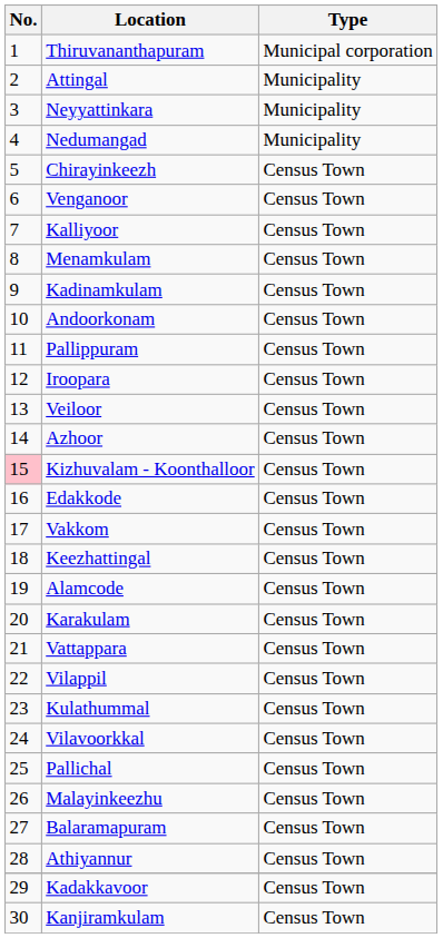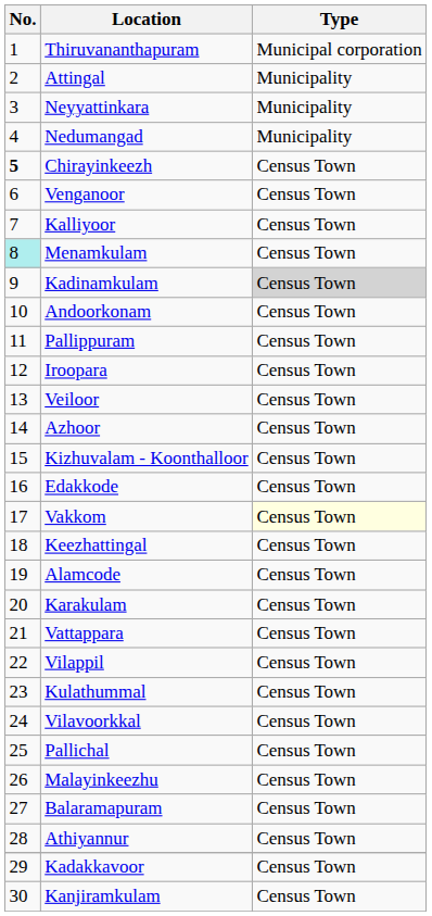 <table class="wikitable" border="1">
 <tr>
 <th>No.</th>
 <th>Location</th>
 <th>Type</th>
 </tr>
 <tr>
 <td>1</td>
 <td><a href='#'>Thiruvananthapuram</a></td>
 <td>Municipal corporation</td>
 </tr>
 <tr>
 <td>2</td>
 <td><a href='#'>Attingal</a></td>
 <td>Municipality</td>
 </tr>
 <tr>
 <td>3</td>
 <td><a href='#'>Neyyattinkara</a></td>
 <td>Municipality</td>
 </tr>
 <tr>
 <td>4</td>
 <td><a href='#'>Nedumangad</a></td>
 <td>Municipality</td>
 </tr>
 <tr>
-<td>5</td>
+<td><strong>5</strong></td>
 <td><a href='#'>Chirayinkeezh</a></td>
 <td>Census Town</td>
 </tr>
 <tr>
 <td>6</td>
 <td><a href='#'>Venganoor</a></td>
 <td>Census Town</td>
 </tr>
 <tr>
 <td>7</td>
 <td><a href='#'>Kalliyoor</a></td>
 <td>Census Town</td>
 </tr>
 <tr>
-<td>8</td>
+<td style="background: paleturquoise;">8</td>
 <td><a href='#'>Menamkulam</a></td>
 <td>Census Town</td>
 </tr>
 <tr>
 <td>9</td>
 <td><a href='#'>Kadinamkulam</a></td>
-<td>Census Town</td>
+<td style="background: lightgrey;">Census Town</td>
 </tr>
 <tr>
 <td>10</td>
 <td><a href='#'>Andoorkonam</a></td>
 <td>Census Town</td>
 </tr>
 <tr>
 <td>11</td>
 <td><a href='#'>Pallippuram</a></td>
 <td>Census Town</td>
 </tr>
 <tr>
 <td>12</td>
 <td><a href='#'>Iroopara</a></td>
 <td>Census Town</td>
 </tr>
 <tr>
 <td>13</td>
 <td><a href='#'>Veiloor</a></td>
 <td>Census Town</td>
 </tr>
 <tr>
 <td>14</td>
 <td><a href='#'>Azhoor</a></td>
 <td>Census Town</td>
 </tr>
 <tr>
-<td style="background: pink;">15</td>
+<td>15</td>
 <td><a href='#'>Kizhuvalam - Koonthalloor</a></td>
 <td>Census Town</td>
 </tr>
 <tr>
 <td>16</td>
 <td><a href='#'>Edakkode</a></td>
 <td>Census Town</td>
 </tr>
 <tr>
 <td>17</td>
 <td><a href='#'>Vakkom</a></td>
-<td>Census Town</td>
+<td style="background: lightyellow;">Census Town</td>
 </tr>
 <tr>
 <td>18</td>
 <td><a href='#'>Keezhattingal</a></td>
 <td>Census Town</td>
 </tr>
 <tr>
 <td>19</td>
 <td><a href='#'>Alamcode</a></td>
 <td>Census Town</td>
 </tr>
 <tr>
 <td>20</td>
 <td><a href='#'>Karakulam</a></td>
 <td>Census Town</td>
 </tr>
 <tr>
 <td>21</td>
 <td><a href='#'>Vattappara</a></td>
 <td>Census Town</td>
 </tr>
 <tr>
 <td>22</td>
 <td><a href='#'>Vilappil</a></td>
 <td>Census Town</td>
 </tr>
 <tr>
 <td>23</td>
 <td><a href='#'>Kulathummal</a></td>
 <td>Census Town</td>
 </tr>
 <tr>
 <td>24</td>
 <td><a href='#'>Vilavoorkkal</a></td>
 <td>Census Town</td>
 </tr>
 <tr>
 <td>25</td>
 <td><a href='#'>Pallichal</a></td>
 <td>Census Town</td>
 </tr>
 <tr>
 <td>26</td>
 <td><a href='#'>Malayinkeezhu</a></td>
 <td>Census Town</td>
 </tr>
 <tr>
 <td>27</td>
 <td><a href='#'>Balaramapuram</a></td>
 <td>Census Town</td>
 </tr>
 <tr>
 <td>28</td>
 <td><a href='#'>Athiyannur</a></td>
 <td>Census Town</td>
 </tr>
 <tr>
 </tr>
 <tr>
 <td>29</td>
 <td><a href='#'>Kadakkavoor</a></td>
 <td>Census Town</td>
 </tr>
 <tr>
 <td>30</td>
 <td><a href='#'>Kanjiramkulam</a></td>
 <td>Census Town</td>
 </tr>
 </table>
